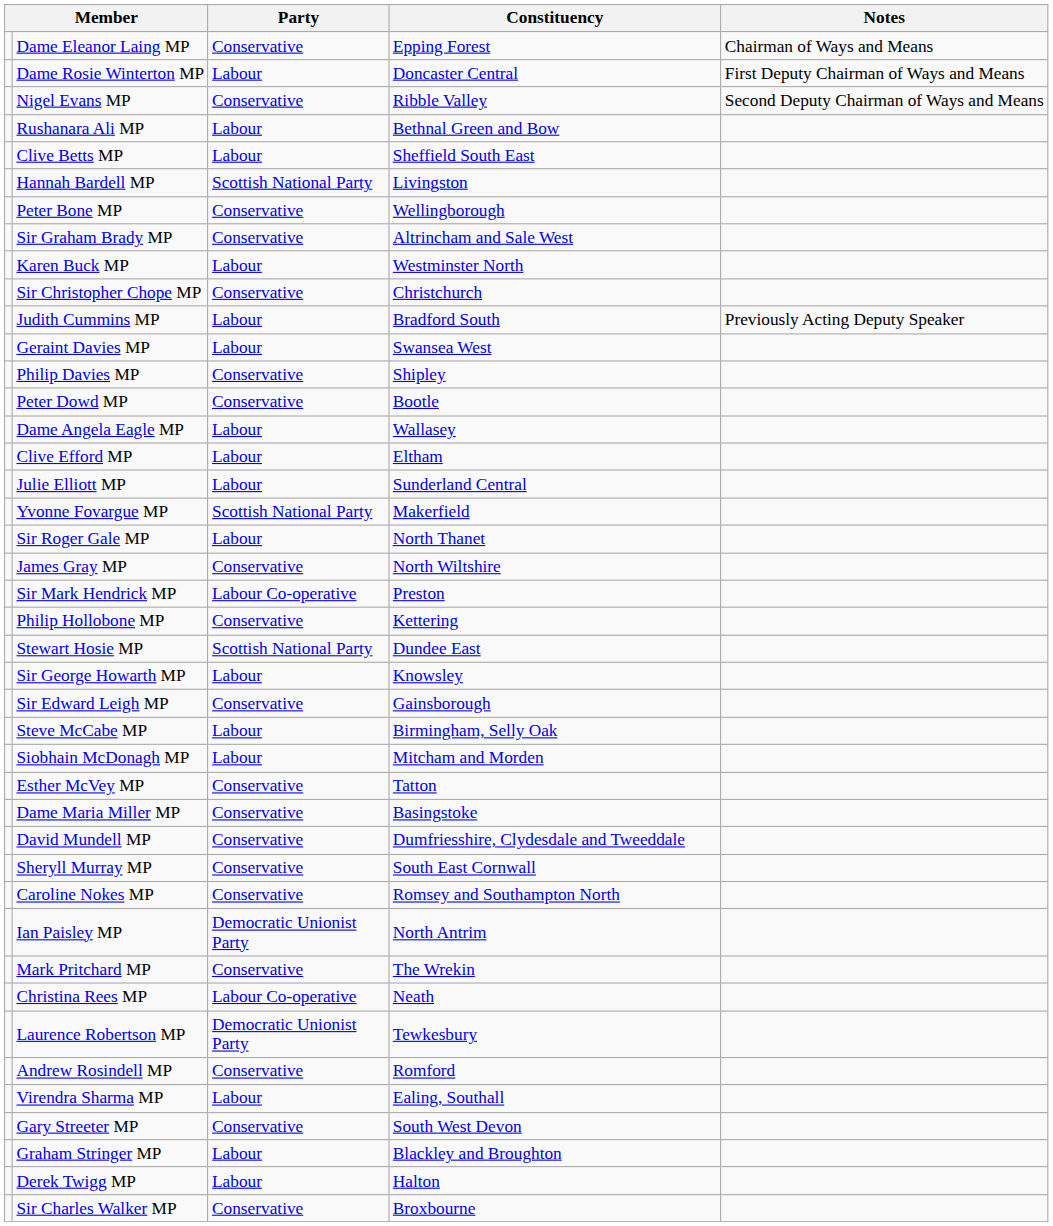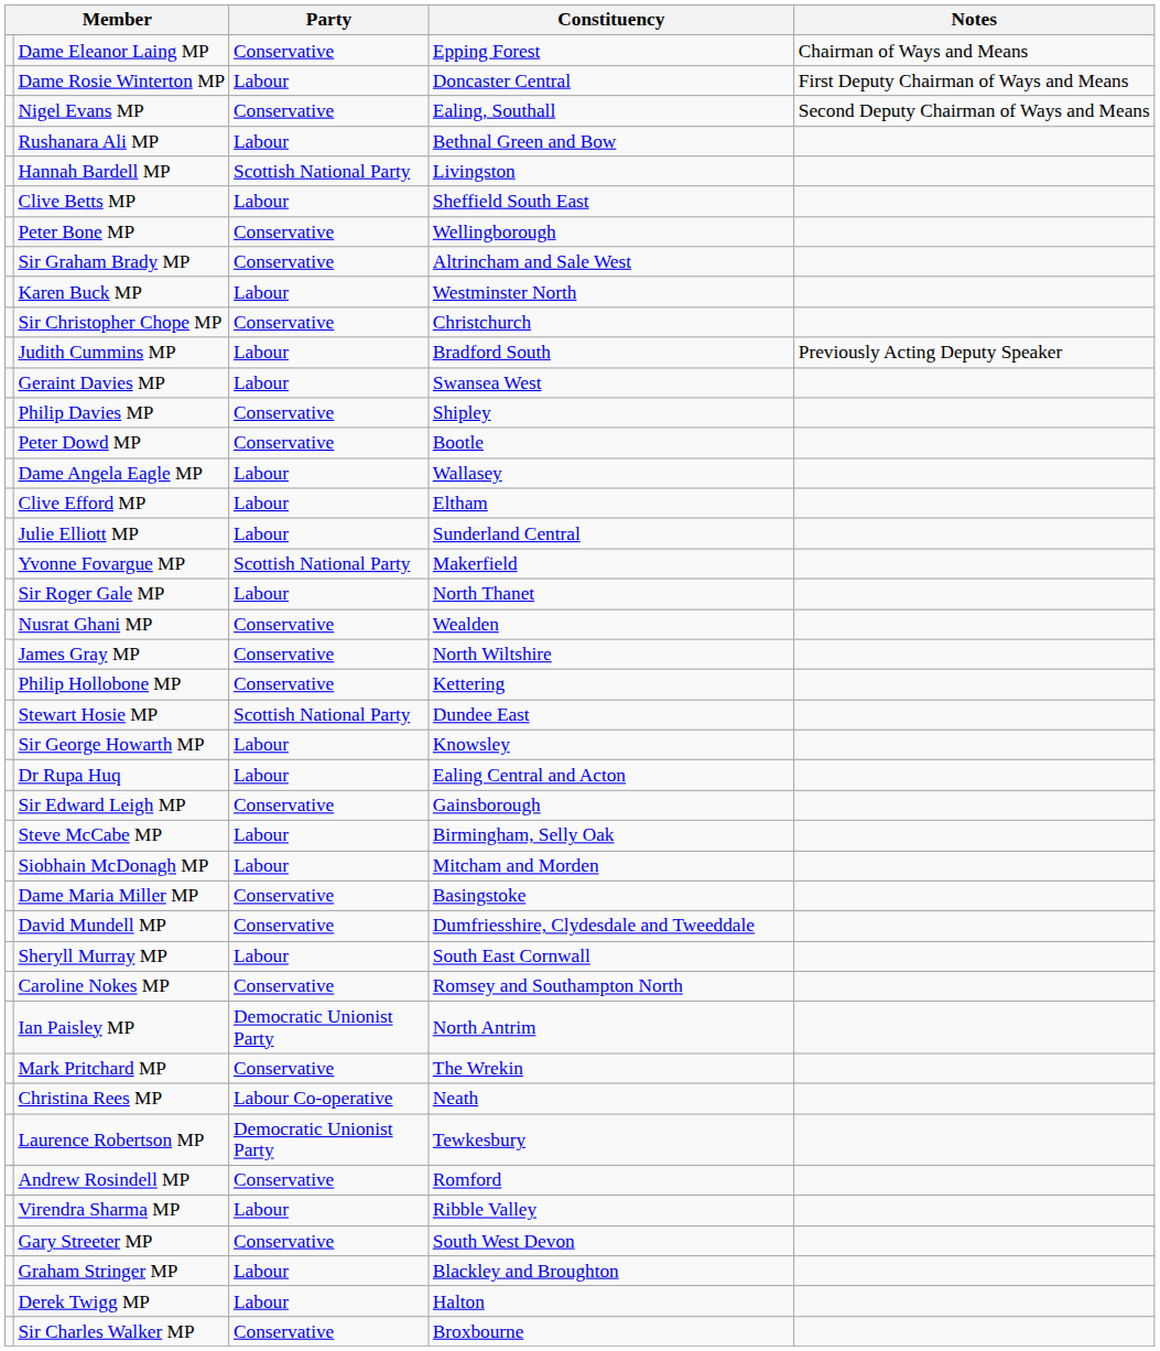 <table class="wikitable">
 <tr>
 <th colspan="2" width="160px">Member</th>
 <th width="160px">Party</th>
 <th width="300px">Constituency</th>
 <th>Notes</th>
 </tr>
 <tr>
 <td style="color:inherit;background:"></td>
 <td><a href='#'>Dame Eleanor Laing</a> MP</td>
 <td><a href='#'>Conservative</a></td>
 <td><a href='#'>Epping Forest</a></td>
 <td>Chairman of Ways and Means</td>
 </tr>
 <tr>
 <td style="color:inherit;background:"></td>
 <td><a href='#'>Dame Rosie Winterton</a> MP</td>
 <td><a href='#'>Labour</a></td>
 <td><a href='#'>Doncaster Central</a></td>
 <td>First Deputy Chairman of Ways and Means</td>
 </tr>
 <tr>
 <td style="color:inherit;background:"></td>
 <td><a href='#'>Nigel Evans</a> MP</td>
 <td><a href='#'>Conservative</a></td>
-<td><a href='#'>Ribble Valley</a></td>
+<td><a href='#'>Ealing, Southall</a></td>
 <td>Second Deputy Chairman of Ways and Means</td>
 </tr>
 <tr>
 <td style="color:inherit;background:"></td>
 <td><a href='#'>Rushanara Ali</a> MP</td>
 <td><a href='#'>Labour</a></td>
 <td><a href='#'>Bethnal Green and Bow</a></td>
 <td></td>
 </tr>
 <tr>
 <td style="color:inherit;background:"></td>
-<td><a href='#'>Clive Betts</a> MP</td>
-<td><a href='#'>Labour</a></td>
-<td><a href='#'>Sheffield South East</a></td>
+<td><a href='#'>Hannah Bardell</a> MP</td>
+<td><a href='#'>Scottish National Party</a></td>
+<td><a href='#'>Livingston</a></td>
 <td></td>
 </tr>
 <tr>
 <td style="color:inherit;background:"></td>
-<td><a href='#'>Hannah Bardell</a> MP</td>
-<td><a href='#'>Scottish National Party</a></td>
-<td><a href='#'>Livingston</a></td>
+<td><a href='#'>Clive Betts</a> MP</td>
+<td><a href='#'>Labour</a></td>
+<td><a href='#'>Sheffield South East</a></td>
 <td></td>
 </tr>
 <tr>
 <td style="color:inherit;background:"></td>
 <td><a href='#'>Peter Bone</a> MP</td>
 <td><a href='#'>Conservative</a></td>
 <td><a href='#'>Wellingborough</a></td>
 <td></td>
 </tr>
 <tr>
 <td style="color:inherit;background:"></td>
 <td><a href='#'>Sir Graham Brady</a> MP</td>
 <td><a href='#'>Conservative</a></td>
 <td><a href='#'>Altrincham and Sale West</a></td>
 <td></td>
 </tr>
 <tr>
 <td style="color:inherit;background:"></td>
 <td><a href='#'>Karen Buck</a> MP</td>
 <td><a href='#'>Labour</a></td>
 <td><a href='#'>Westminster North</a></td>
 <td></td>
 </tr>
 <tr>
 <td style="color:inherit;background:"></td>
 <td><a href='#'>Sir Christopher Chope</a> MP</td>
 <td><a href='#'>Conservative</a></td>
 <td><a href='#'>Christchurch</a></td>
 <td></td>
 </tr>
 <tr>
 <td style="color:inherit;background:"></td>
 <td><a href='#'>Judith Cummins</a> MP</td>
 <td><a href='#'>Labour</a></td>
 <td><a href='#'>Bradford South</a></td>
 <td>Previously Acting Deputy Speaker</td>
 </tr>
 <tr>
 <td style="color:inherit;background:"></td>
 <td><a href='#'>Geraint Davies</a> MP</td>
 <td><a href='#'>Labour</a></td>
 <td><a href='#'>Swansea West</a></td>
 <td></td>
 </tr>
 <tr>
 <td style="color:inherit;background:"></td>
 <td><a href='#'>Philip Davies</a> MP</td>
 <td><a href='#'>Conservative</a></td>
 <td><a href='#'>Shipley</a></td>
 <td></td>
 </tr>
 <tr>
 <td style="color:inherit;background:"></td>
 <td><a href='#'>Peter Dowd</a> MP</td>
 <td><a href='#'>Conservative</a></td>
 <td><a href='#'>Bootle</a></td>
 <td></td>
 </tr>
 <tr>
 <td style="color:inherit;background:"></td>
 <td><a href='#'>Dame Angela Eagle</a> MP</td>
 <td><a href='#'>Labour</a></td>
 <td><a href='#'>Wallasey</a></td>
 <td></td>
 </tr>
 <tr>
 <td style="color:inherit;background:"></td>
 <td><a href='#'>Clive Efford</a> MP</td>
 <td><a href='#'>Labour</a></td>
 <td><a href='#'>Eltham</a></td>
 <td></td>
 </tr>
 <tr>
 <td style="color:inherit;background:"></td>
 <td><a href='#'>Julie Elliott</a> MP</td>
 <td><a href='#'>Labour</a></td>
 <td><a href='#'>Sunderland Central</a></td>
 <td></td>
 </tr>
 <tr>
 <td style="color:inherit;background:"></td>
 <td><a href='#'>Yvonne Fovargue</a> MP</td>
 <td><a href='#'>Scottish National Party</a></td>
 <td><a href='#'>Makerfield</a></td>
 <td></td>
 </tr>
 <tr>
 <td style="color:inherit;background:"></td>
 <td><a href='#'>Sir Roger Gale</a> MP</td>
 <td><a href='#'>Labour</a></td>
 <td><a href='#'>North Thanet</a></td>
 <td></td>
 </tr>
 <tr>
 <td style="color:inherit;background:"></td>
-<td><a href='#'>James Gray</a> MP</td>
+<td><a href='#'>Nusrat Ghani</a> MP</td>
 <td><a href='#'>Conservative</a></td>
-<td><a href='#'>North Wiltshire</a></td>
+<td><a href='#'>Wealden</a></td>
 <td></td>
 </tr>
 <tr>
 <td style="color:inherit;background:"></td>
-<td><a href='#'>Sir Mark Hendrick</a> MP</td>
-<td><a href='#'>Labour Co-operative</a></td>
-<td><a href='#'>Preston</a></td>
+<td><a href='#'>James Gray</a> MP</td>
+<td><a href='#'>Conservative</a></td>
+<td><a href='#'>North Wiltshire</a></td>
 <td></td>
 </tr>
 <tr>
 <td style="color:inherit;background:"></td>
 <td><a href='#'>Philip Hollobone</a> MP</td>
 <td><a href='#'>Conservative</a></td>
 <td><a href='#'>Kettering</a></td>
 <td></td>
 </tr>
 <tr>
 <td style="color:inherit;background:"></td>
 <td><a href='#'>Stewart Hosie</a> MP</td>
 <td><a href='#'>Scottish National Party</a></td>
 <td><a href='#'>Dundee East</a></td>
 <td></td>
 </tr>
 <tr>
 <td style="color:inherit;background:"></td>
 <td><a href='#'>Sir George Howarth</a> MP</td>
 <td><a href='#'>Labour</a></td>
 <td><a href='#'>Knowsley</a></td>
 <td></td>
 </tr>
 <tr>
 <td style="color:inherit;background:"></td>
+<td><a href='#'>Dr Rupa Huq</a></td>
+<td><a href='#'>Labour</a></td>
+<td><a href='#'>Ealing Central and Acton</a></td>
+<td></td>
+</tr>
+<tr>
+<td style="color:inherit;background:"></td>
 <td><a href='#'>Sir Edward Leigh</a> MP</td>
 <td><a href='#'>Conservative</a></td>
 <td><a href='#'>Gainsborough</a></td>
 <td></td>
 </tr>
 <tr>
 <td style="color:inherit;background:"></td>
 <td><a href='#'>Steve McCabe</a> MP</td>
 <td><a href='#'>Labour</a></td>
 <td><a href='#'>Birmingham, Selly Oak</a></td>
 <td></td>
 </tr>
 <tr>
 <td style="color:inherit;background:"></td>
 <td><a href='#'>Siobhain McDonagh</a> MP</td>
 <td><a href='#'>Labour</a></td>
 <td><a href='#'>Mitcham and Morden</a></td>
 <td></td>
 </tr>
 <tr>
 <td style="color:inherit;background:"></td>
-<td><a href='#'>Esther McVey</a> MP</td>
-<td><a href='#'>Conservative</a></td>
-<td><a href='#'>Tatton</a></td>
-<td></td>
-</tr>
-<tr>
-<td style="color:inherit;background:"></td>
 <td><a href='#'>Dame Maria Miller</a> MP</td>
 <td><a href='#'>Conservative</a></td>
 <td><a href='#'>Basingstoke</a></td>
 <td></td>
 </tr>
 <tr>
 <td style="color:inherit;background:"></td>
 <td><a href='#'>David Mundell</a> MP</td>
 <td><a href='#'>Conservative</a></td>
 <td><a href='#'>Dumfriesshire, Clydesdale and Tweeddale</a></td>
 <td></td>
 </tr>
 <tr>
 <td style="color:inherit;background:"></td>
 <td><a href='#'>Sheryll Murray</a> MP</td>
-<td><a href='#'>Conservative</a></td>
+<td><a href='#'>Labour</a></td>
 <td><a href='#'>South East Cornwall</a></td>
 <td></td>
 </tr>
 <tr>
 <td style="color:inherit;background:"></td>
 <td><a href='#'>Caroline Nokes</a> MP</td>
 <td><a href='#'>Conservative</a></td>
 <td><a href='#'>Romsey and Southampton North</a></td>
 <td></td>
 </tr>
 <tr>
 <td style="color:inherit;background:"></td>
 <td><a href='#'>Ian Paisley</a> MP</td>
 <td><a href='#'>Democratic Unionist Party</a></td>
 <td><a href='#'>North Antrim</a></td>
 <td></td>
 </tr>
 <tr>
 <td style="color:inherit;background:"></td>
 <td><a href='#'>Mark Pritchard</a> MP</td>
 <td><a href='#'>Conservative</a></td>
 <td><a href='#'>The Wrekin</a></td>
 <td></td>
 </tr>
 <tr>
 <td style="color:inherit;background:"></td>
 <td><a href='#'>Christina Rees</a> MP</td>
 <td><a href='#'>Labour Co-operative</a></td>
 <td><a href='#'>Neath</a></td>
 <td></td>
 </tr>
 <tr>
 <td style="color:inherit;background:"></td>
 <td><a href='#'>Laurence Robertson</a> MP</td>
 <td><a href='#'>Democratic Unionist Party</a></td>
 <td><a href='#'>Tewkesbury</a></td>
 <td></td>
 </tr>
 <tr>
 <td style="color:inherit;background:"></td>
 <td><a href='#'>Andrew Rosindell</a> MP</td>
 <td><a href='#'>Conservative</a></td>
 <td><a href='#'>Romford</a></td>
 <td></td>
 </tr>
 <tr>
 <td style="color:inherit;background:"></td>
 <td><a href='#'>Virendra Sharma</a> MP</td>
 <td><a href='#'>Labour</a></td>
-<td><a href='#'>Ealing, Southall</a></td>
+<td><a href='#'>Ribble Valley</a></td>
 <td></td>
 </tr>
 <tr>
 <td style="color:inherit;background:"></td>
 <td><a href='#'>Gary Streeter</a> MP</td>
 <td><a href='#'>Conservative</a></td>
 <td><a href='#'>South West Devon</a></td>
 <td></td>
 </tr>
 <tr>
 <td style="color:inherit;background:"></td>
 <td><a href='#'>Graham Stringer</a> MP</td>
 <td><a href='#'>Labour</a></td>
 <td><a href='#'>Blackley and Broughton</a></td>
 <td></td>
 </tr>
 <tr>
 <td style="color:inherit;background:"></td>
 <td><a href='#'>Derek Twigg</a> MP</td>
 <td><a href='#'>Labour</a></td>
 <td><a href='#'>Halton</a></td>
 <td></td>
 </tr>
 <tr>
 <td style="color:inherit;background:"></td>
 <td><a href='#'>Sir Charles Walker</a> MP</td>
 <td><a href='#'>Conservative</a></td>
 <td><a href='#'>Broxbourne</a></td>
 <td></td>
 </tr>
 </table>
